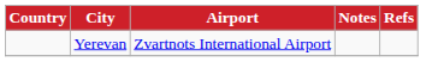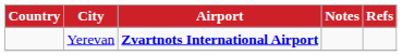 <table class="wikitable sortable">
 <tr>
 <th style="background:#CE2029;color: white">Country</th>
 <th style="background:#CE2029;color: white">City</th>
 <th style="background:#CE2029;color: white">Airport</th>
 <th style="background:#CE2029;color: white">Notes</th>
 <th style="background:#CE2029;color: white">Refs</th>
 </tr>
 <tr>
 <td></td>
 <td><a href='#'>Yerevan</a></td>
-<td><a href='#'>Zvartnots International Airport</a></td>
+<td><strong><a href='#'>Zvartnots International Airport</a></strong></td>
 <td></td>
 <td align=center></td>
 </tr>
 <tr>
 </tr>
 </table>
